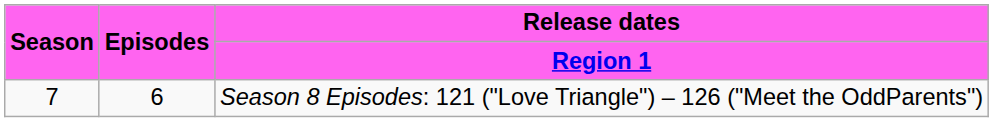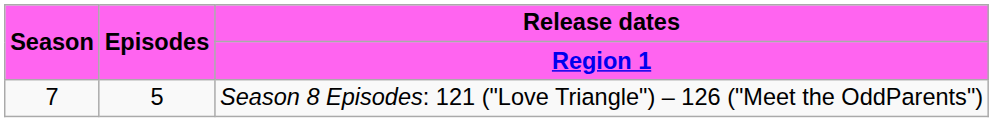 <table class="wikitable" style="text-align: center;">
 <tr>
 <th rowspan=2 style="background:#ff64f0;color:">Season</th>
 <th rowspan=2 style="background:#ff64f0;color:">Episodes</th>
 <th style="background:#ff64f0;color:">Release dates</th>
 </tr>
 <tr>
 <th style="background:#ff64f0;color:"><a href='#'>Region 1</a></th>
 </tr>
 <tr>
 <td>7</td>
-<td>6</td>
+<td>5</td>
 <td><em>Season 8</em> <em>Episodes</em>: 121 ("Love Triangle") – 126 ("Meet the OddParents")</td>
 </tr>
 </table>
